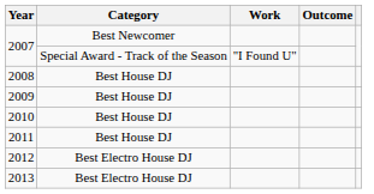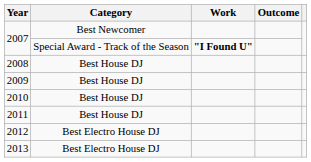 <table class="wikitable plainrowheaders" style="text-align:center;">
 <tr>
 <th>Year</th>
 <th>Category</th>
 <th>Work</th>
 <th>Outcome</th>
 <th></th>
 </tr>
 <tr>
 <td rowspan="2">2007</td>
 <td>Best Newcomer</td>
 <td></td>
 <td></td>
 <td rowspan="2"></td>
 </tr>
 <tr>
 <td>Special Award - Track of the Season</td>
-<td>"I Found U"</td>
+<td><strong>"I Found U"</strong></td>
 <td></td>
 </tr>
 <tr>
 <td>2008</td>
 <td>Best House DJ</td>
 <td></td>
 <td></td>
 <td></td>
 </tr>
 <tr>
 <td>2009</td>
 <td>Best House DJ</td>
 <td></td>
 <td></td>
 <td></td>
 </tr>
 <tr>
 <td>2010</td>
 <td>Best House DJ</td>
 <td></td>
 <td></td>
 <td></td>
 </tr>
 <tr>
 <td>2011</td>
 <td>Best House DJ</td>
 <td></td>
 <td></td>
 <td></td>
 </tr>
 <tr>
 <td>2012</td>
 <td>Best Electro House DJ</td>
 <td></td>
 <td></td>
 <td></td>
 </tr>
 <tr>
 <td>2013</td>
 <td>Best Electro House DJ</td>
 <td></td>
 <td></td>
 <td></td>
 </tr>
 </table>
